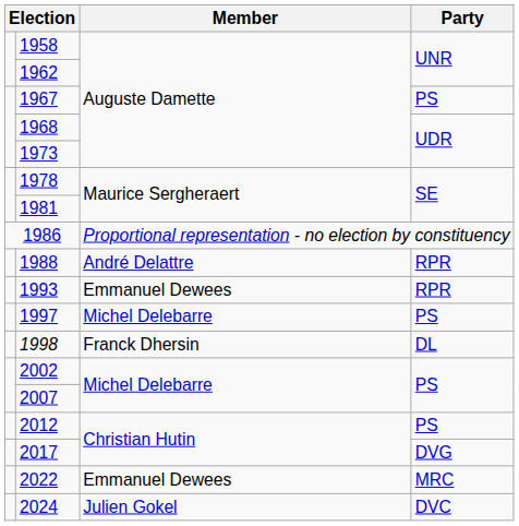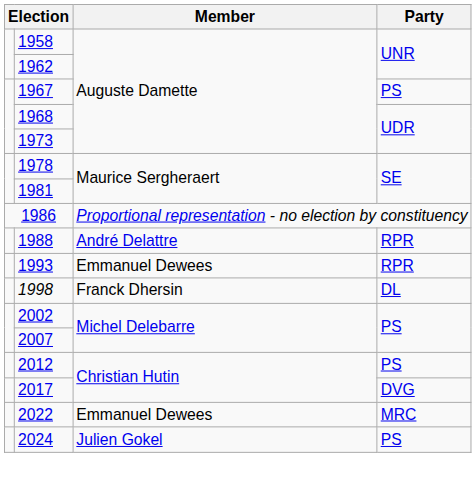 <table class="wikitable">
 <tr>
 <th colspan="2">Election</th>
 <th>Member</th>
 <th>Party</th>
 </tr>
 <tr>
 <td rowspan="2" style="color:inherit;background-color: "></td>
 <td><a href='#'>1958</a></td>
 <td rowspan="5">Auguste Damette</td>
 <td rowspan="2"><a href='#'>UNR</a></td>
 </tr>
 <tr>
 <td><a href='#'>1962</a></td>
 </tr>
 <tr>
 <td rowspan="3" style="color:inherit;background-color: "></td>
 <td><a href='#'>1967</a></td>
 <td><a href='#'>PS</a></td>
 </tr>
 <tr>
 <td><a href='#'>1968</a></td>
 <td rowspan="2"><a href='#'>UDR</a></td>
 </tr>
 <tr>
 <td><a href='#'>1973</a></td>
 </tr>
 <tr>
 <td rowspan="2" style="color:inherit;background-color: "></td>
 <td><a href='#'>1978</a></td>
 <td rowspan="2">Maurice Sergheraert</td>
 <td rowspan="2"><a href='#'>SE</a></td>
 </tr>
 <tr>
 <td><a href='#'>1981</a></td>
 </tr>
 <tr>
 <td colspan="2" align="center"><a href='#'>1986</a></td>
 <td colspan="2"><em><a href='#'>Proportional representation</a> - no election by constituency</em></td>
 </tr>
 <tr>
 <td style="color:inherit;background-color: "></td>
 <td><a href='#'>1988</a></td>
 <td><a href='#'>André Delattre</a></td>
 <td><a href='#'>RPR</a></td>
 </tr>
 <tr>
 <td style="color:inherit;background-color: "></td>
 <td><a href='#'>1993</a></td>
 <td>Emmanuel Dewees</td>
 <td><a href='#'>RPR</a></td>
 </tr>
 <tr>
 <td style="color:inherit;background-color: "></td>
-<td><a href='#'>1997</a></td>
-<td><a href='#'>Michel Delebarre</a></td>
-<td><a href='#'>PS</a></td>
-</tr>
-<tr>
-<td style="color:inherit;background-color: "></td>
 <td><em>1998</em></td>
 <td>Franck Dhersin</td>
 <td><a href='#'>DL</a></td>
 </tr>
 <tr>
 <td rowspan="2" style="color:inherit;background-color: "></td>
 <td><a href='#'>2002</a></td>
 <td rowspan="2"><a href='#'>Michel Delebarre</a></td>
 <td rowspan="2"><a href='#'>PS</a></td>
 </tr>
 <tr>
 <td><a href='#'>2007</a></td>
 </tr>
 <tr>
 <td style="color:inherit;background-color: "></td>
 <td><a href='#'>2012</a></td>
 <td rowspan=2><a href='#'>Christian Hutin</a></td>
 <td><a href='#'>PS</a></td>
 </tr>
 <tr>
 <td style="color:inherit;background-color: "></td>
 <td><a href='#'>2017</a></td>
 <td><a href='#'>DVG</a></td>
 </tr>
 <tr>
 <td style="color:inherit;background-color: "></td>
 <td><a href='#'>2022</a></td>
 <td>Emmanuel Dewees</td>
 <td><a href='#'>MRC</a></td>
 </tr>
 <tr>
 <td style="color:inherit;background-color: "></td>
 <td><a href='#'>2024</a></td>
 <td><a href='#'>Julien Gokel</a></td>
-<td><a href='#'>DVC</a></td>
+<td><a href='#'>PS</a></td>
 </tr>
 </table>
